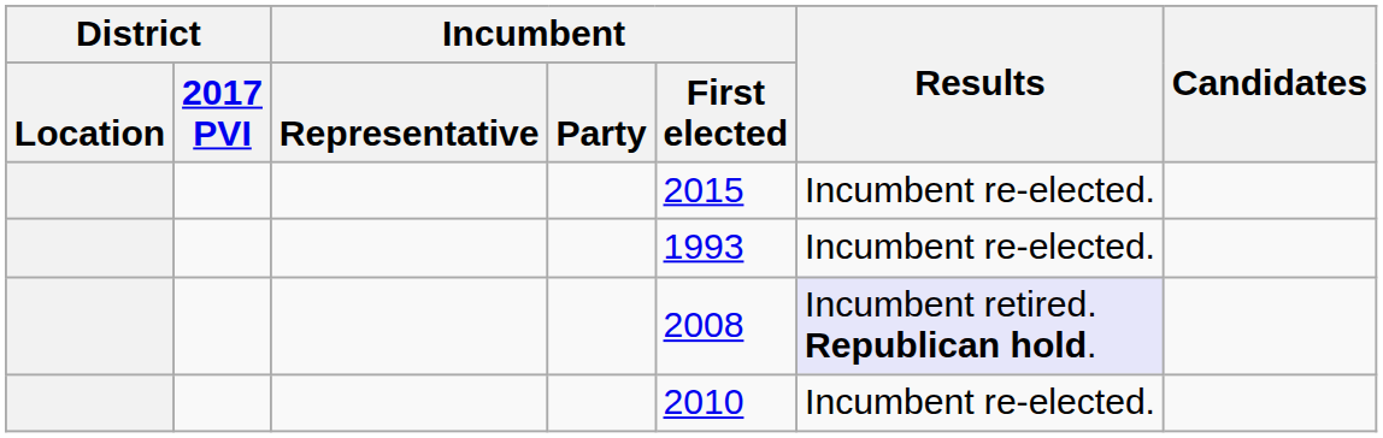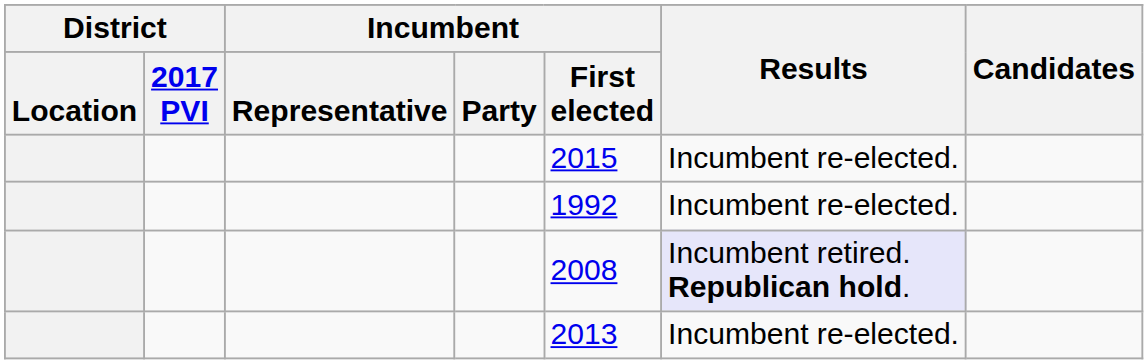 <table class="wikitable sortable">
 <tr>
 <th colspan=2>District</th>
 <th colspan=3>Incumbent</th>
 <th rowspan=2>Results</th>
 <th rowspan=2>Candidates</th>
 </tr>
 <tr valign=bottom>
 <th>Location</th>
 <th><a href='#'>2017<br>PVI</a></th>
 <th>Representative</th>
 <th>Party</th>
 <th>First<br>elected</th>
 </tr>
 <tr>
 <th></th>
 <td></td>
 <td></td>
 <td></td>
 <td><a href='#'>2015 </a></td>
 <td>Incumbent re-elected.</td>
 <td nowrap></td>
 </tr>
 <tr>
 <th></th>
 <td></td>
 <td></td>
 <td></td>
-<td><a href='#'>1993</a></td>
+<td><a href='#'>1992</a></td>
 <td>Incumbent re-elected.</td>
 <td nowrap></td>
 </tr>
 <tr>
 <th></th>
 <td></td>
 <td></td>
 <td></td>
 <td><a href='#'>2008</a></td>
 <td style="background: lavender;">Incumbent retired.<br><strong>Republican hold</strong>.</td>
 <td nowrap></td>
 </tr>
 <tr>
 <th></th>
 <td></td>
 <td></td>
 <td></td>
-<td><a href='#'>2010</a></td>
+<td><a href='#'>2013</a></td>
 <td>Incumbent re-elected.</td>
 <td nowrap></td>
 </tr>
 </table>
